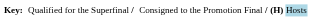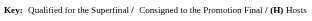 <table style="font-size: 85%;">
 <tr>
 <td height=5></td>
 </tr>
 <tr>
 <td><strong>Key:</strong></td>
 <td></td>
 <td>Qualified for the Superfinal <strong>/</strong></td>
 <td></td>
 <td>Consigned to the Promotion Final <strong>/</strong></td>
 <td style="background:"><strong>(H)</strong></td>
-<td style="background: lightblue;">Hosts</td>
+<td>Hosts</td>
 </tr>
 </table>
